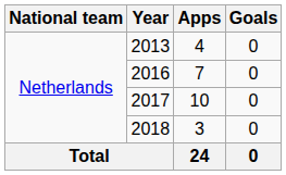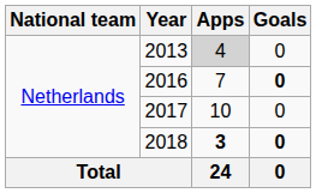 <table class="wikitable" style="text-align:center">
 <tr>
 <th>National team</th>
 <th>Year</th>
 <th>Apps</th>
 <th>Goals</th>
 </tr>
 <tr>
 <td rowspan="4"><a href='#'>Netherlands</a></td>
 <td>2013</td>
-<td>4</td>
+<td style="background: lightgrey;">4</td>
 <td>0</td>
 </tr>
 <tr>
 <td>2016</td>
 <td>7</td>
-<td>0</td>
+<td><strong>0</strong></td>
 </tr>
 <tr>
 <td>2017</td>
 <td>10</td>
 <td>0</td>
 </tr>
 <tr>
 <td>2018</td>
-<td>3</td>
-<td>0</td>
+<td><strong>3</strong></td>
+<td><strong>0</strong></td>
 </tr>
 <tr>
 <th colspan="2">Total</th>
 <th>24</th>
 <th>0</th>
 </tr>
 </table>
